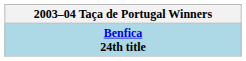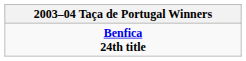 <table class="wikitable" style="text-align: center; margin: 0 auto; width: 20%">
 <tr>
 <th>2003–04 Taça de Portugal Winners</th>
 </tr>
 <tr>
-<td style="background: lightblue;"><strong><a href='#'>Benfica</a></strong><br><strong>24th title</strong></td>
+<td><strong><a href='#'>Benfica</a></strong><br><strong>24th title</strong></td>
 </tr>
 </table>
